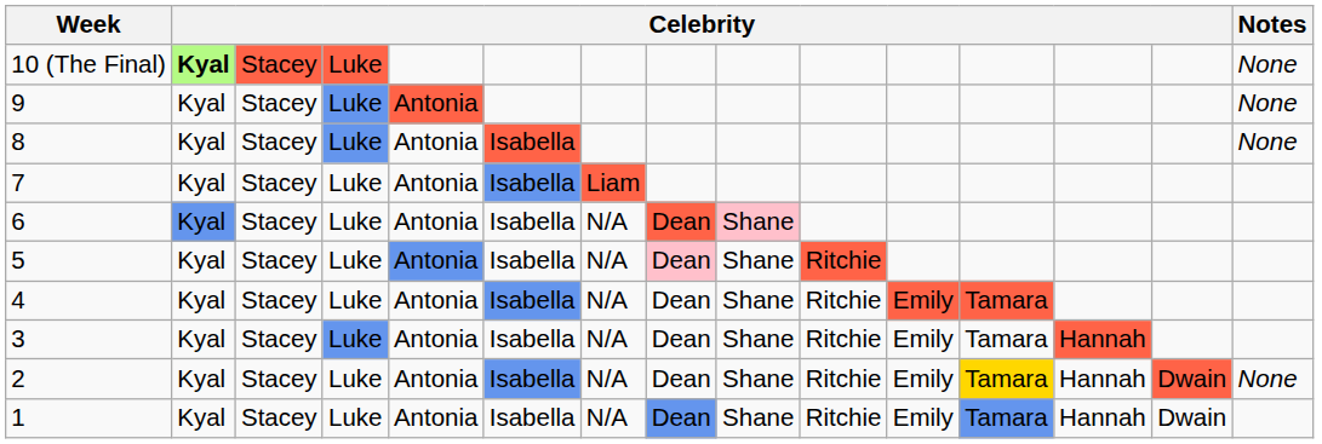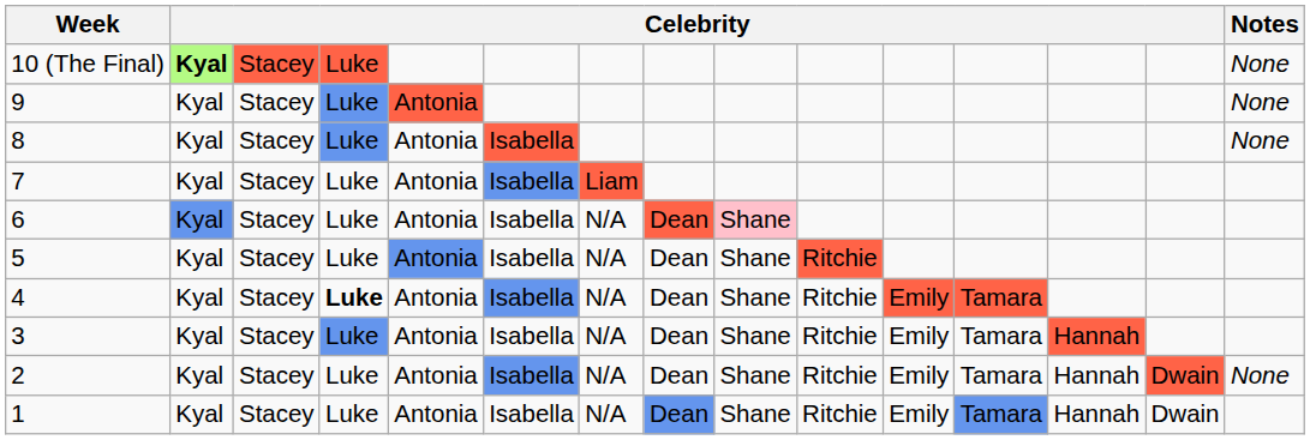 <table class="wikitable">
 <tr>
 <th>Week</th>
 <th colspan=13>Celebrity</th>
 <th>Notes</th>
 </tr>
 <tr>
 <td>10 (The Final)</td>
 <td style="background:#B4FB84;"><strong>Kyal</strong></td>
 <td style="background:tomato;">Stacey</td>
 <td style="background:tomato;">Luke</td>
 <td></td>
 <td></td>
 <td></td>
 <td></td>
 <td></td>
 <td></td>
 <td></td>
 <td></td>
 <td></td>
 <td></td>
 <td><em>None</em></td>
 </tr>
 <tr>
 <td>9</td>
 <td>Kyal</td>
 <td>Stacey</td>
 <td style="background:cornflowerblue;">Luke</td>
 <td style="background:tomato;">Antonia</td>
 <td></td>
 <td></td>
 <td></td>
 <td></td>
 <td></td>
 <td></td>
 <td></td>
 <td></td>
 <td></td>
 <td><em>None</em></td>
 </tr>
 <tr>
 <td>8</td>
 <td>Kyal</td>
 <td>Stacey</td>
 <td style="background:cornflowerblue;">Luke</td>
 <td>Antonia</td>
 <td style="background:tomato;">Isabella</td>
 <td></td>
 <td></td>
 <td></td>
 <td></td>
 <td></td>
 <td></td>
 <td></td>
 <td></td>
 <td><em>None</em></td>
 </tr>
 <tr>
 <td>7</td>
 <td>Kyal</td>
 <td>Stacey</td>
 <td>Luke</td>
 <td>Antonia</td>
 <td style="background:cornflowerblue;">Isabella</td>
 <td style="background:tomato;">Liam</td>
 <td></td>
 <td></td>
 <td></td>
 <td></td>
 <td></td>
 <td></td>
 <td></td>
 <td><em></em></td>
 </tr>
 <tr>
 <td>6</td>
 <td style="background:cornflowerblue;">Kyal</td>
 <td>Stacey</td>
 <td>Luke</td>
 <td>Antonia</td>
 <td>Isabella</td>
 <td>N/A</td>
 <td style="background:tomato;">Dean</td>
 <td style="background:pink;">Shane</td>
 <td></td>
 <td></td>
 <td></td>
 <td></td>
 <td></td>
 <td><em></em></td>
 </tr>
 <tr>
 <td>5</td>
 <td>Kyal</td>
 <td>Stacey</td>
 <td>Luke</td>
 <td style="background:cornflowerblue;">Antonia</td>
 <td>Isabella</td>
 <td>N/A</td>
-<td style="background: pink;">Dean</td>
+<td>Dean</td>
 <td>Shane</td>
 <td style="background:tomato;">Ritchie</td>
 <td></td>
 <td></td>
 <td></td>
 <td></td>
 <td><em></em></td>
 </tr>
 <tr>
 <td>4</td>
 <td>Kyal</td>
 <td>Stacey</td>
-<td>Luke</td>
+<td><strong>Luke</strong></td>
 <td>Antonia</td>
 <td style="background:cornflowerblue;">Isabella</td>
 <td>N/A</td>
 <td>Dean</td>
 <td>Shane</td>
 <td>Ritchie</td>
 <td style="background:tomato;">Emily</td>
 <td style="background:tomato;">Tamara</td>
 <td></td>
 <td></td>
 <td><em></em></td>
 </tr>
 <tr>
 <td>3</td>
 <td>Kyal</td>
 <td>Stacey</td>
 <td style="background:cornflowerblue;">Luke</td>
 <td>Antonia</td>
 <td>Isabella</td>
 <td>N/A</td>
 <td>Dean</td>
 <td>Shane</td>
 <td>Ritchie</td>
 <td>Emily</td>
 <td>Tamara</td>
 <td style="background:tomato;">Hannah</td>
 <td></td>
 <td><em></em></td>
 </tr>
 <tr>
 <td>2</td>
 <td>Kyal</td>
 <td>Stacey</td>
 <td>Luke</td>
 <td>Antonia</td>
 <td style="background:cornflowerblue;">Isabella</td>
 <td>N/A</td>
 <td>Dean</td>
 <td>Shane</td>
 <td>Ritchie</td>
 <td>Emily</td>
-<td style="background: gold;">Tamara</td>
+<td>Tamara</td>
 <td>Hannah</td>
 <td style="background:tomato;">Dwain</td>
 <td><em>None</em></td>
 </tr>
 <tr>
 <td>1</td>
 <td>Kyal</td>
 <td>Stacey</td>
 <td>Luke</td>
 <td>Antonia</td>
 <td>Isabella</td>
 <td>N/A</td>
 <td style="background:cornflowerblue;">Dean</td>
 <td>Shane</td>
 <td>Ritchie</td>
 <td>Emily</td>
 <td style="background:cornflowerblue;">Tamara</td>
 <td>Hannah</td>
 <td>Dwain</td>
 <td><em></em></td>
 </tr>
 </table>
